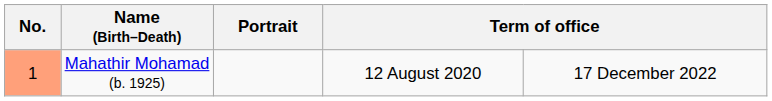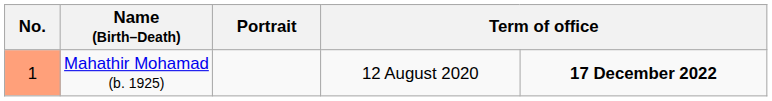 <table class="wikitable" style="text-align:center">
 <tr>
 <th>No.</th>
 <th width=20%>Name<br><small>(Birth–Death)</small></th>
 <th>Portrait</th>
 <th colspan="2">Term of office</th>
 </tr>
 <tr>
 <td style="background: lightsalmon;">1</td>
 <td><a href='#'>Mahathir Mohamad</a><br><small>(b. 1925)</small></td>
 <td></td>
 <td>12 August 2020</td>
-<td>17 December 2022</td>
+<td><strong>17 December 2022</strong></td>
 </tr>
 </table>
